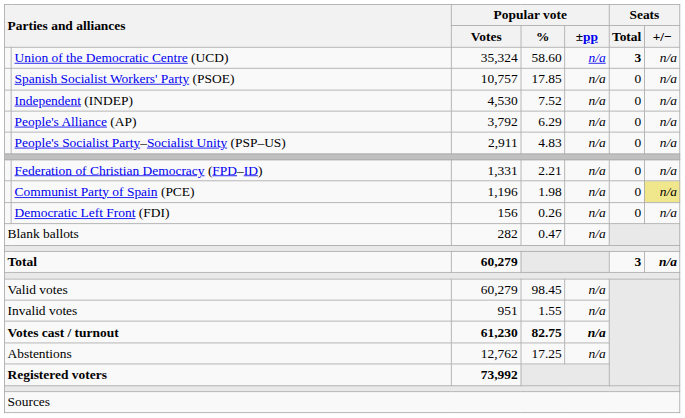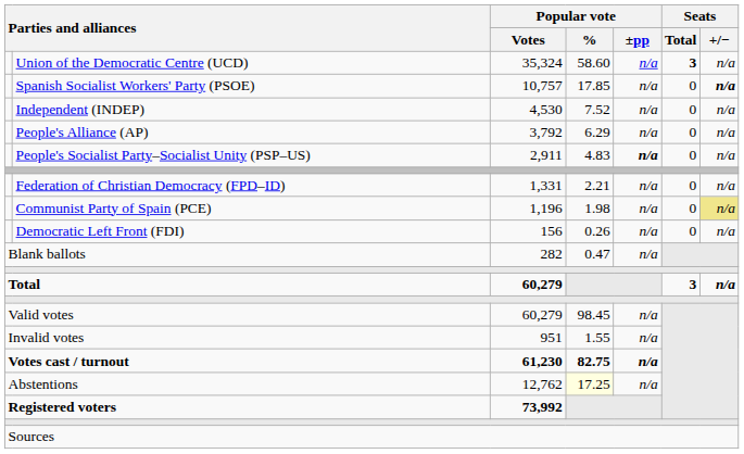 <table class="wikitable" style="text-align:right;">
 <tr>
 <th style="text-align:left;" rowspan="2" colspan="2" width="525">Parties and alliances</th>
 <th colspan="3">Popular vote</th>
 <th colspan="2">Seats</th>
 </tr>
 <tr>
 <th width="75">Votes</th>
 <th width="45">%</th>
 <th width="45">±<a href='#'>pp</a></th>
 <th width="35">Total</th>
 <th width="35">+/−</th>
 </tr>
 <tr>
 <td width="1" style="color:inherit;background:"></td>
 <td align="left"><a href='#'>Union of the Democratic Centre</a> (UCD)</td>
 <td>35,324</td>
 <td>58.60</td>
 <td><em><a href='#'>n/a</a></em></td>
 <td><strong>3</strong></td>
 <td><em>n/a</em></td>
 </tr>
 <tr>
 <td style="color:inherit;background:"></td>
 <td align="left"><a href='#'>Spanish Socialist Workers' Party</a> (PSOE)</td>
 <td>10,757</td>
 <td>17.85</td>
 <td><em>n/a</em></td>
 <td>0</td>
-<td><em>n/a</em></td>
+<td><strong><em>n/a</em></strong></td>
 </tr>
 <tr>
 <td style="color:inherit;background:"></td>
 <td align="left"><a href='#'>Independent</a> (INDEP)</td>
 <td>4,530</td>
 <td>7.52</td>
 <td><em>n/a</em></td>
 <td>0</td>
 <td><em>n/a</em></td>
 </tr>
 <tr>
 <td style="color:inherit;background:"></td>
 <td align="left"><a href='#'>People's Alliance</a> (AP)</td>
 <td>3,792</td>
 <td>6.29</td>
 <td><em>n/a</em></td>
 <td>0</td>
 <td><em>n/a</em></td>
 </tr>
 <tr>
 <td style="color:inherit;background:"></td>
 <td align="left"><a href='#'>People's Socialist Party</a>–<a href='#'>Socialist Unity</a> (PSP–US)</td>
 <td>2,911</td>
 <td>4.83</td>
-<td><em>n/a</em></td>
+<td><strong><em>n/a</em></strong></td>
 <td>0</td>
 <td><em>n/a</em></td>
 </tr>
 <tr>
 <td colspan="7" bgcolor="#C0C0C0"></td>
 </tr>
 <tr>
 <td style="color:inherit;background:"></td>
 <td align="left"><a href='#'>Federation of Christian Democracy</a> (<a href='#'>FPD</a>–<a href='#'>ID</a>)</td>
 <td>1,331</td>
 <td>2.21</td>
 <td><em>n/a</em></td>
 <td>0</td>
 <td><em>n/a</em></td>
 </tr>
 <tr>
 <td style="color:inherit;background:"></td>
 <td align="left"><a href='#'>Communist Party of Spain</a> (PCE)</td>
 <td>1,196</td>
 <td>1.98</td>
 <td><em>n/a</em></td>
 <td>0</td>
 <td style="background: khaki;"><em>n/a</em></td>
 </tr>
 <tr>
 <td style="color:inherit;background:"></td>
 <td align="left"><a href='#'>Democratic Left Front</a> (FDI)</td>
 <td>156</td>
 <td>0.26</td>
 <td><em>n/a</em></td>
 <td>0</td>
 <td><em>n/a</em></td>
 </tr>
 <tr>
 <td align="left" colspan="2">Blank ballots</td>
 <td>282</td>
 <td>0.47</td>
 <td><em>n/a</em></td>
 <td bgcolor="#E9E9E9" colspan="2"></td>
 </tr>
 <tr>
 <td colspan="7" bgcolor="#E9E9E9"></td>
 </tr>
 <tr style="font-weight:bold;">
 <td align="left" colspan="2">Total</td>
 <td>60,279</td>
 <td bgcolor="#E9E9E9" colspan="2"></td>
 <td>3</td>
 <td><em>n/a</em></td>
 </tr>
 <tr>
 <td colspan="7" bgcolor="#E9E9E9"></td>
 </tr>
 <tr>
 <td align="left" colspan="2">Valid votes</td>
 <td>60,279</td>
 <td>98.45</td>
 <td><em>n/a</em></td>
 <td bgcolor="#E9E9E9" colspan="2" rowspan="5"></td>
 </tr>
 <tr>
 <td align="left" colspan="2">Invalid votes</td>
 <td>951</td>
 <td>1.55</td>
 <td><em>n/a</em></td>
 </tr>
 <tr style="font-weight:bold;">
 <td align="left" colspan="2">Votes cast / turnout</td>
 <td>61,230</td>
 <td>82.75</td>
 <td><em>n/a</em></td>
 </tr>
 <tr>
 <td align="left" colspan="2">Abstentions</td>
 <td>12,762</td>
-<td>17.25</td>
+<td style="background: lightyellow;">17.25</td>
 <td><em>n/a</em></td>
 </tr>
 <tr style="font-weight:bold;">
 <td align="left" colspan="2">Registered voters</td>
 <td>73,992</td>
 <td bgcolor="#E9E9E9" colspan="2"></td>
 </tr>
 <tr>
 <td colspan="7" bgcolor="#E9E9E9"></td>
 </tr>
 <tr>
 <td align="left" colspan="7">Sources</td>
 </tr>
 </table>
